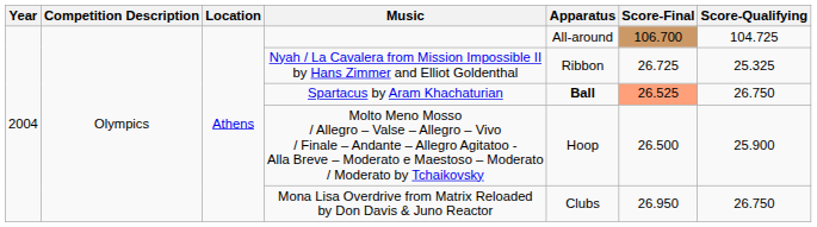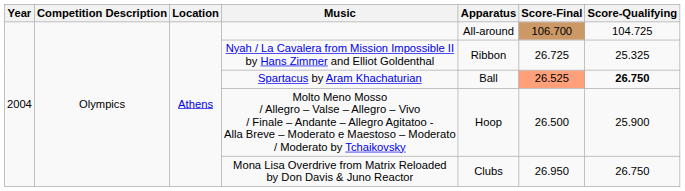 <table class="wikitable" style="text-align:center">
 <tr>
 <th>Year</th>
 <th>Competition Description</th>
 <th>Location</th>
 <th>Music</th>
 <th>Apparatus</th>
 <th>Score-Final</th>
 <th>Score-Qualifying</th>
 </tr>
 <tr>
 <td rowspan="5">2004</td>
 <td rowspan="5">Olympics</td>
 <td rowspan="5"><a href='#'>Athens</a></td>
 <td></td>
 <td>All-around</td>
 <td style="background:#c96;">106.700</td>
 <td>104.725</td>
 </tr>
 <tr>
 <td><a href='#'>Nyah / La Cavalera from Mission Impossible II</a><br> by <a href='#'>Hans Zimmer</a> and Elliot Goldenthal</td>
 <td>Ribbon</td>
 <td>26.725</td>
 <td>25.325</td>
 </tr>
 <tr>
 <td><a href='#'>Spartacus</a> by <a href='#'>Aram Khachaturian</a></td>
-<td><strong>Ball</strong></td>
+<td>Ball</td>
 <td style="background: lightsalmon;">26.525</td>
-<td>26.750</td>
+<td><strong>26.750</strong></td>
 </tr>
 <tr>
 <td>Molto Meno Mosso <br>/ Allegro – Valse – Allegro – Vivo <br>/ Finale – Andante – Allegro Agitatoo - <br>Alla Breve – Moderato e Maestoso – Moderato <br>/ Moderato by <a href='#'>Tchaikovsky</a></td>
 <td>Hoop</td>
 <td>26.500</td>
 <td>25.900</td>
 </tr>
 <tr>
 <td>Mona Lisa Overdrive from Matrix Reloaded <br> by Don Davis & Juno Reactor</td>
 <td>Clubs</td>
 <td>26.950</td>
 <td>26.750</td>
 </tr>
 </table>
